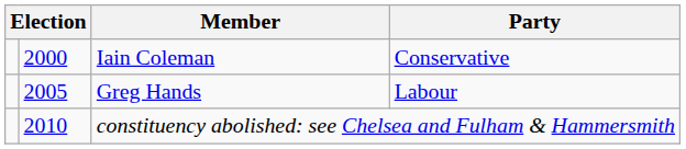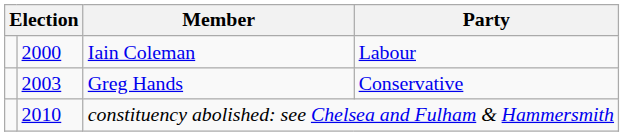 <table class="wikitable">
 <tr>
 <th colspan="2">Election</th>
 <th>Member</th>
 <th>Party</th>
 </tr>
 <tr>
 <td style="color:inherit;background-color: "></td>
 <td><a href='#'>2000</a></td>
 <td><a href='#'>Iain Coleman</a></td>
-<td><a href='#'>Conservative</a></td>
+<td><a href='#'>Labour</a></td>
 </tr>
 <tr>
 <td style="color:inherit;background-color: "></td>
-<td><a href='#'>2005</a></td>
+<td><a href='#'>2003</a></td>
 <td><a href='#'>Greg Hands</a></td>
-<td><a href='#'>Labour</a></td>
+<td><a href='#'>Conservative</a></td>
 </tr>
 <tr>
 <td></td>
 <td><a href='#'>2010</a></td>
 <td colspan="2"><em>constituency abolished: see <a href='#'>Chelsea and Fulham</a> & <a href='#'>Hammersmith</a></em></td>
 </tr>
 </table>
